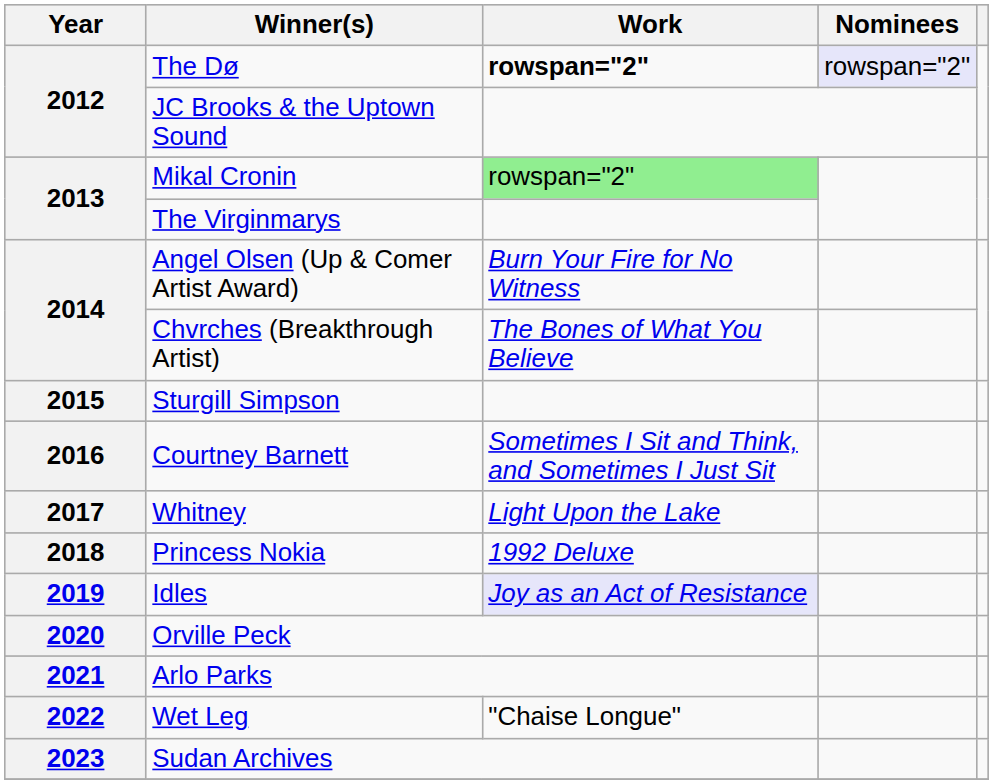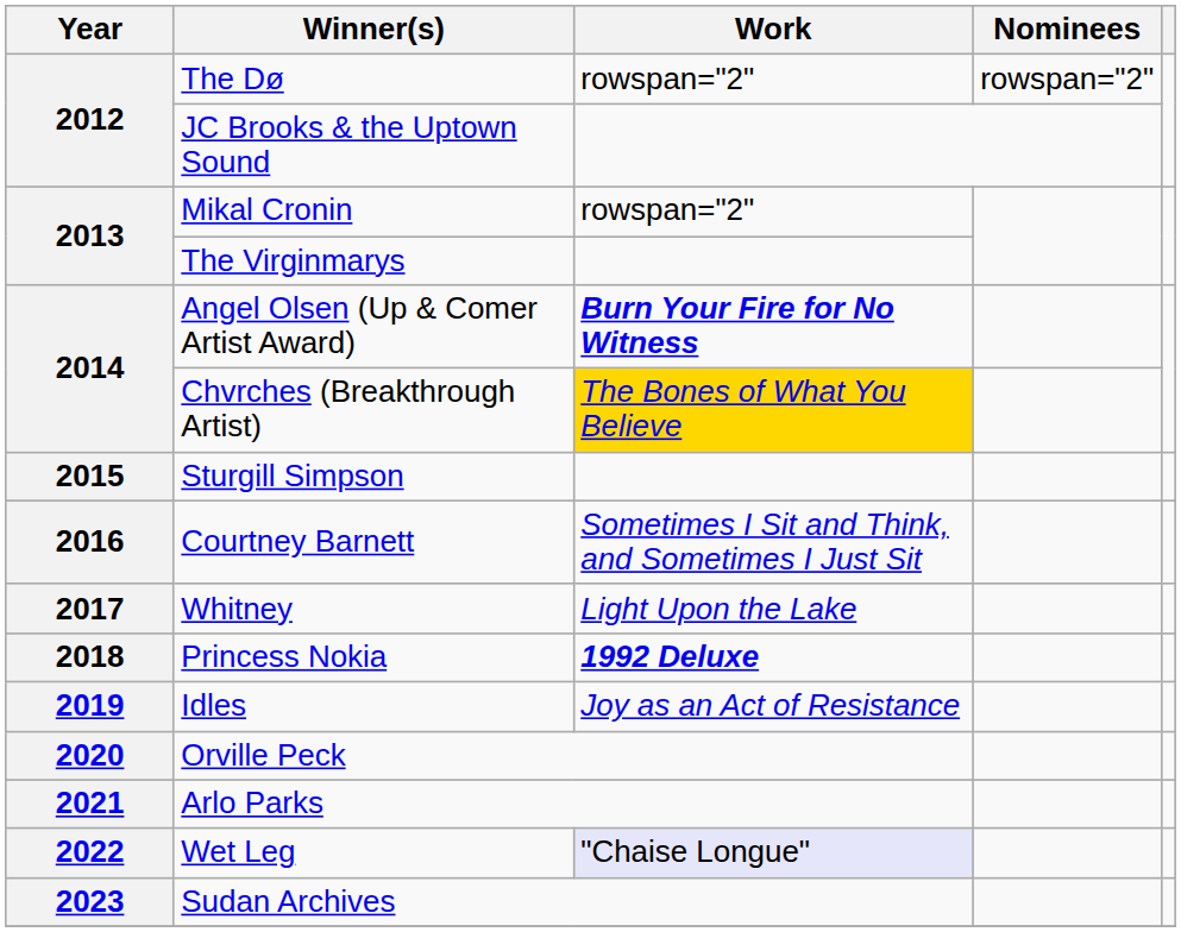 <table class="wikitable sortable">
 <tr>
 <th scope="col" style="width:5em;">Year</th>
 <th scope="col" style="width:200px;">Winner(s)</th>
 <th scope="col" style="width:200px;">Work</th>
 <th scope="col" class="unsortable">Nominees</th>
 <th scope="col" class="unsortable"></th>
 </tr>
 <tr>
 <th scope="row" rowspan="2">2012</th>
 <td><a href='#'>The Dø</a></td>
-<td><strong>rowspan="2" </strong></td>
-<td style="background: lavender;">rowspan="2" </td>
+<td>rowspan="2" </td>
+<td>rowspan="2" </td>
 <td align="center" rowspan="2"></td>
 </tr>
 <tr>
 <td><a href='#'>JC Brooks & the Uptown Sound</a></td>
 </tr>
 <tr>
 <th scope="row" rowspan="2">2013</th>
 <td><a href='#'>Mikal Cronin</a></td>
-<td style="background: lightgreen;">rowspan="2" </td>
+<td>rowspan="2" </td>
 <td rowspan="2"><br></td>
 <td align="center" rowspan="2"></td>
 </tr>
 <tr>
 <td><a href='#'>The Virginmarys</a></td>
 </tr>
 <tr>
 <th scope="row" rowspan="2">2014</th>
 <td><a href='#'>Angel Olsen</a> (Up & Comer Artist Award)</td>
-<td><em><a href='#'>Burn Your Fire for No Witness</a></em></td>
+<td><strong><em><a href='#'>Burn Your Fire for No Witness</a></em></strong></td>
 <td></td>
 <td rowspan="2" align="center"></td>
 </tr>
 <tr>
 <td><a href='#'>Chvrches</a> (Breakthrough Artist)</td>
-<td><em><a href='#'>The Bones of What You Believe</a></em></td>
+<td style="background: gold;"><em><a href='#'>The Bones of What You Believe</a></em></td>
 <td></td>
 </tr>
 <tr>
 <th scope="row">2015</th>
 <td><a href='#'>Sturgill Simpson</a></td>
 <td></td>
 <td></td>
 <td align="center"></td>
 </tr>
 <tr>
 <th scope="row">2016</th>
 <td><a href='#'>Courtney Barnett</a></td>
 <td><em><a href='#'>Sometimes I Sit and Think, and Sometimes I Just Sit</a></em></td>
 <td></td>
 <td align="center"></td>
 </tr>
 <tr>
 <th scope="row">2017</th>
 <td><a href='#'>Whitney</a></td>
 <td><em><a href='#'>Light Upon the Lake</a></em></td>
 <td></td>
 <td align="center"></td>
 </tr>
 <tr>
 <th scope="row">2018</th>
 <td><a href='#'>Princess Nokia</a></td>
-<td><em><a href='#'>1992 Deluxe</a></em></td>
+<td><strong><em><a href='#'>1992 Deluxe</a></em></strong></td>
 <td></td>
 <td align="center"></td>
 </tr>
 <tr>
 <th scope="row"><a href='#'>2019</a></th>
 <td><a href='#'>Idles</a></td>
-<td style="background: lavender;"><em><a href='#'>Joy as an Act of Resistance</a></em></td>
+<td><em><a href='#'>Joy as an Act of Resistance</a></em></td>
 <td></td>
 <td align="center"></td>
 </tr>
 <tr>
 <th scope="row"><a href='#'>2020</a></th>
 <td colspan="2"><a href='#'>Orville Peck</a></td>
 <td></td>
 <td align="center"></td>
 </tr>
 <tr>
 <th scope="row"><a href='#'>2021</a></th>
 <td colspan="2"><a href='#'>Arlo Parks</a></td>
 <td></td>
 <td align="center"></td>
 </tr>
 <tr>
 <th scope="row"><a href='#'>2022</a></th>
 <td><a href='#'>Wet Leg</a></td>
-<td>"Chaise Longue"</td>
+<td style="background: lavender;">"Chaise Longue"</td>
 <td></td>
 <td align="center"></td>
 </tr>
 <tr>
 <th scope="row"><a href='#'>2023</a></th>
 <td colspan="2"><a href='#'>Sudan Archives</a></td>
 <td></td>
 <td align="center"><br></td>
 </tr>
 <tr>
 </tr>
 </table>
